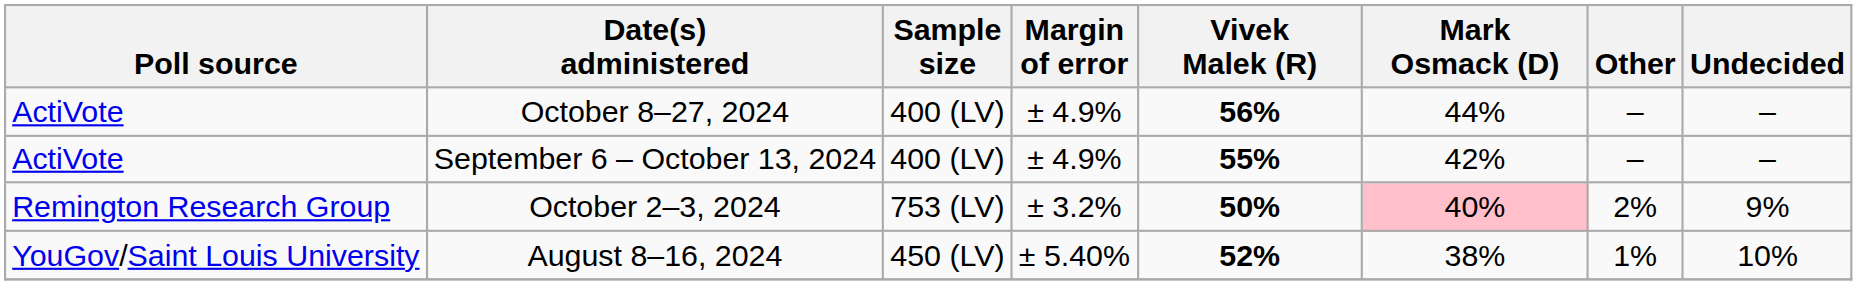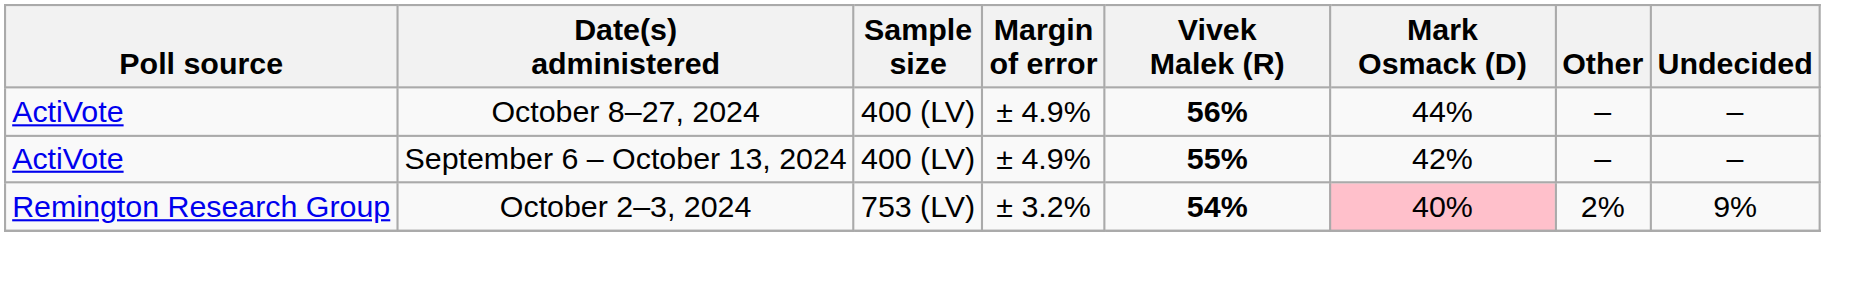 <table class="wikitable" style="font-size:90%;text-align:center;">
 <tr style="vertical-align:bottom">
 <th>Poll source</th>
 <th>Date(s)<br>administered</th>
 <th>Sample<br>size</th>
 <th>Margin<br>of error</th>
 <th style="width:100px;">Vivek<br>Malek (R)</th>
 <th style="width:100px;">Mark<br>Osmack (D)</th>
 <th>Other</th>
 <th>Undecided</th>
 </tr>
 <tr>
 <td style="text-align:left;"><a href='#'>ActiVote</a></td>
 <td>October 8–27, 2024</td>
 <td>400 (LV)</td>
 <td>± 4.9%</td>
 <td><strong>56%</strong></td>
 <td>44%</td>
 <td>–</td>
 <td>–</td>
 </tr>
 <tr>
 <td style="text-align:left;"><a href='#'>ActiVote</a></td>
 <td>September 6 – October 13, 2024</td>
 <td>400 (LV)</td>
 <td>± 4.9%</td>
 <td><strong>55%</strong></td>
 <td>42%</td>
 <td>–</td>
 <td>–</td>
 </tr>
 <tr>
 <td style="text-align:left;"><a href='#'>Remington Research Group</a></td>
 <td>October 2–3, 2024</td>
 <td>753 (LV)</td>
 <td>± 3.2%</td>
-<td><strong>50%</strong></td>
+<td><strong>54%</strong></td>
 <td style="background: pink;">40%</td>
 <td>2%</td>
 <td>9%</td>
 </tr>
 <tr>
-<td style="text-align:left;"><a href='#'>YouGov</a>/<a href='#'>Saint Louis University</a></td>
-<td>August 8–16, 2024</td>
-<td>450 (LV)</td>
-<td>± 5.40%</td>
-<td><strong>52%</strong></td>
-<td>38%</td>
-<td>1%</td>
-<td>10%</td>
-</tr>
-<tr>
 </tr>
 </table>
